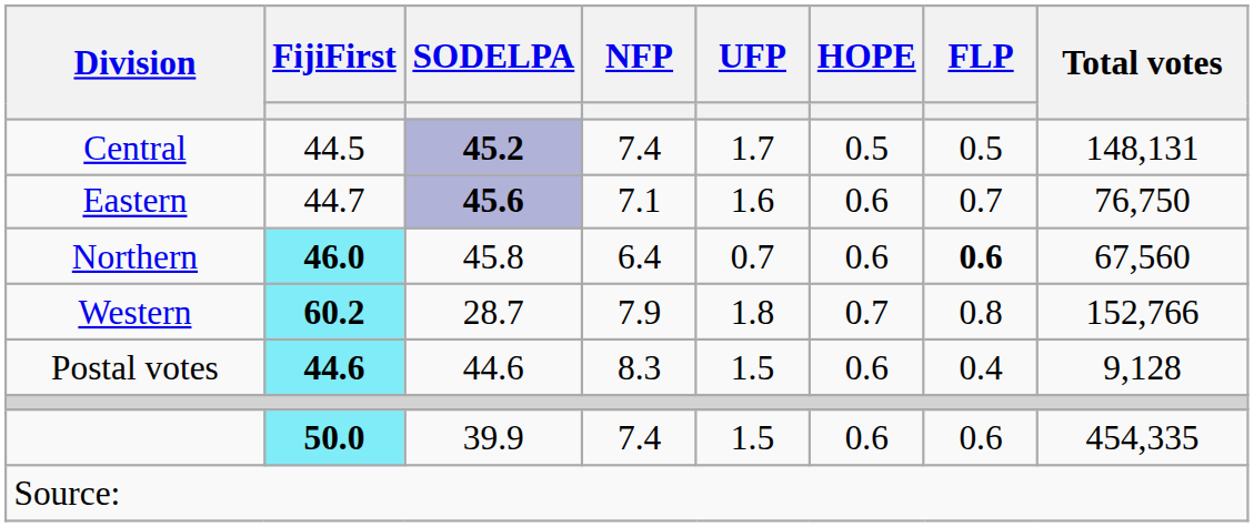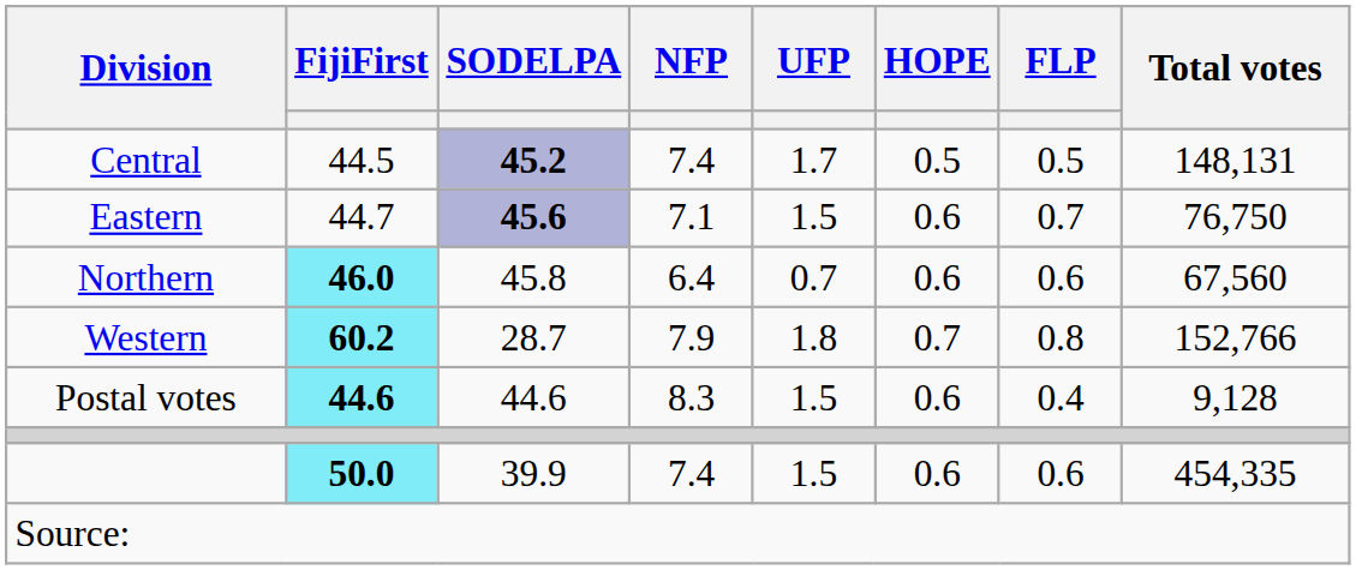 <table class="wikitable" style="text-align:center;font-size:90%;line-height:16px">
 <tr style="height:40px;">
 <th style="width:100px;" rowspan="2"><a href='#'>Division</a></th>
 <th style="width:40px;"><a href='#'>FijiFirst</a></th>
 <th style="width:40px;"><a href='#'>SODELPA</a></th>
 <th style="width:40px;"><a href='#'>NFP</a></th>
 <th style="width:40px;"><a href='#'>UFP</a></th>
 <th style="width:40px;"><a href='#'>HOPE</a></th>
 <th style="width:40px;"><a href='#'>FLP</a></th>
 <th style="width:80px;" rowspan="2">Total votes</th>
 </tr>
 <tr>
 <th style="background:"></th>
 <th style="background:"></th>
 <th style="background:"></th>
 <th style="background:"></th>
 <th style="background:"></th>
 <th style="background:"></th>
 </tr>
 <tr>
 <td><a href='#'>Central</a></td>
 <td>44.5</td>
 <td bgcolor=#B1B2D8><strong>45.2</strong></td>
 <td>7.4</td>
 <td>1.7</td>
 <td>0.5</td>
 <td>0.5</td>
 <td>148,131</td>
 </tr>
 <tr>
 <td><a href='#'>Eastern</a></td>
 <td>44.7</td>
 <td bgcolor=#B1B2D8><strong>45.6</strong></td>
 <td>7.1</td>
-<td>1.6</td>
+<td>1.5</td>
 <td>0.6</td>
 <td>0.7</td>
 <td>76,750</td>
 </tr>
 <tr>
 <td><a href='#'>Northern</a></td>
 <td bgcolor=#80ECF7><strong>46.0</strong></td>
 <td>45.8</td>
 <td>6.4</td>
 <td>0.7</td>
 <td>0.6</td>
-<td><strong>0.6</strong></td>
+<td>0.6</td>
 <td>67,560</td>
 </tr>
 <tr>
 <td><a href='#'>Western</a></td>
 <td bgcolor=#80ECF7><strong>60.2</strong></td>
 <td>28.7</td>
 <td>7.9</td>
 <td>1.8</td>
 <td>0.7</td>
 <td>0.8</td>
 <td>152,766</td>
 </tr>
 <tr>
 <td>Postal votes</td>
 <td bgcolor=#80ECF7><strong>44.6</strong></td>
 <td>44.6</td>
 <td>8.3</td>
 <td>1.5</td>
 <td>0.6</td>
 <td>0.4</td>
 <td>9,128</td>
 </tr>
 <tr>
 <td colspan=10 bgcolor=lightgrey></td>
 </tr>
 <tr>
 <td></td>
 <td bgcolor=#80ECF7><strong>50.0</strong></td>
 <td>39.9</td>
 <td>7.4</td>
 <td>1.5</td>
 <td>0.6</td>
 <td>0.6</td>
 <td>454,335</td>
 </tr>
 <tr class=sortbottom>
 <td colspan=10 align=left>Source: </td>
 </tr>
 </table>
